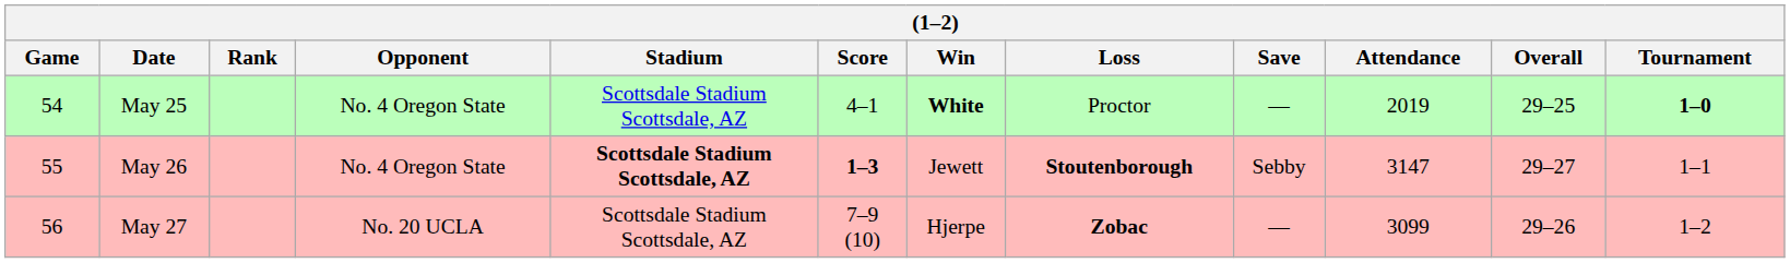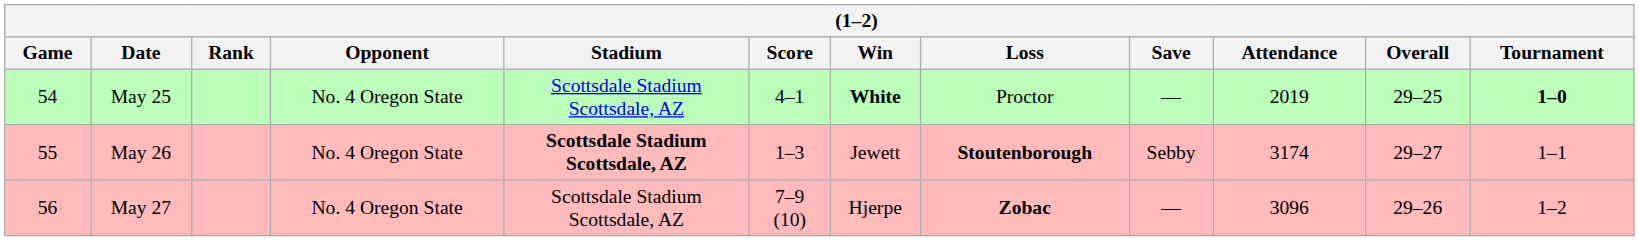 <table class="wikitable collapsible collapsed" style="margin:auto; width:100%; text-align:center; font-size:95%">
 <tr>
 <th colspan=12 style="padding-left:4em;"> (1–2)</th>
 </tr>
 <tr>
 <th>Game</th>
 <th>Date</th>
 <th>Rank</th>
 <th>Opponent</th>
 <th>Stadium</th>
 <th>Score</th>
 <th>Win</th>
 <th>Loss</th>
 <th>Save</th>
 <th>Attendance</th>
 <th>Overall</th>
 <th>Tournament</th>
 </tr>
 <tr style="background:#bfb;">
 <td>54</td>
 <td>May 25</td>
 <td></td>
 <td>No. 4 Oregon State</td>
 <td><a href='#'>Scottsdale Stadium</a><br><a href='#'>Scottsdale, AZ</a></td>
 <td>4–1</td>
 <td><strong>White</strong></td>
 <td>Proctor</td>
 <td>—</td>
 <td>2019</td>
 <td>29–25</td>
 <td><strong>1–0</strong></td>
 </tr>
 <tr style="background:#fbb;">
 <td>55</td>
 <td>May 26</td>
 <td></td>
 <td>No. 4 Oregon State</td>
 <td><strong>Scottsdale Stadium<br>Scottsdale, AZ</strong></td>
-<td><strong>1–3</strong></td>
+<td>1–3</td>
 <td>Jewett</td>
 <td><strong>Stoutenborough</strong></td>
 <td>Sebby</td>
-<td>3147</td>
+<td>3174</td>
 <td>29–27</td>
 <td>1–1</td>
 </tr>
 <tr style="background:#fbb;">
 <td>56</td>
 <td>May 27</td>
 <td></td>
-<td>No. 20 UCLA</td>
+<td>No. 4 Oregon State</td>
 <td>Scottsdale Stadium<br>Scottsdale, AZ</td>
 <td>7–9 <br> (10)</td>
 <td>Hjerpe</td>
 <td><strong>Zobac</strong></td>
 <td>—</td>
-<td>3099</td>
+<td>3096</td>
 <td>29–26</td>
 <td>1–2</td>
 </tr>
 </table>
